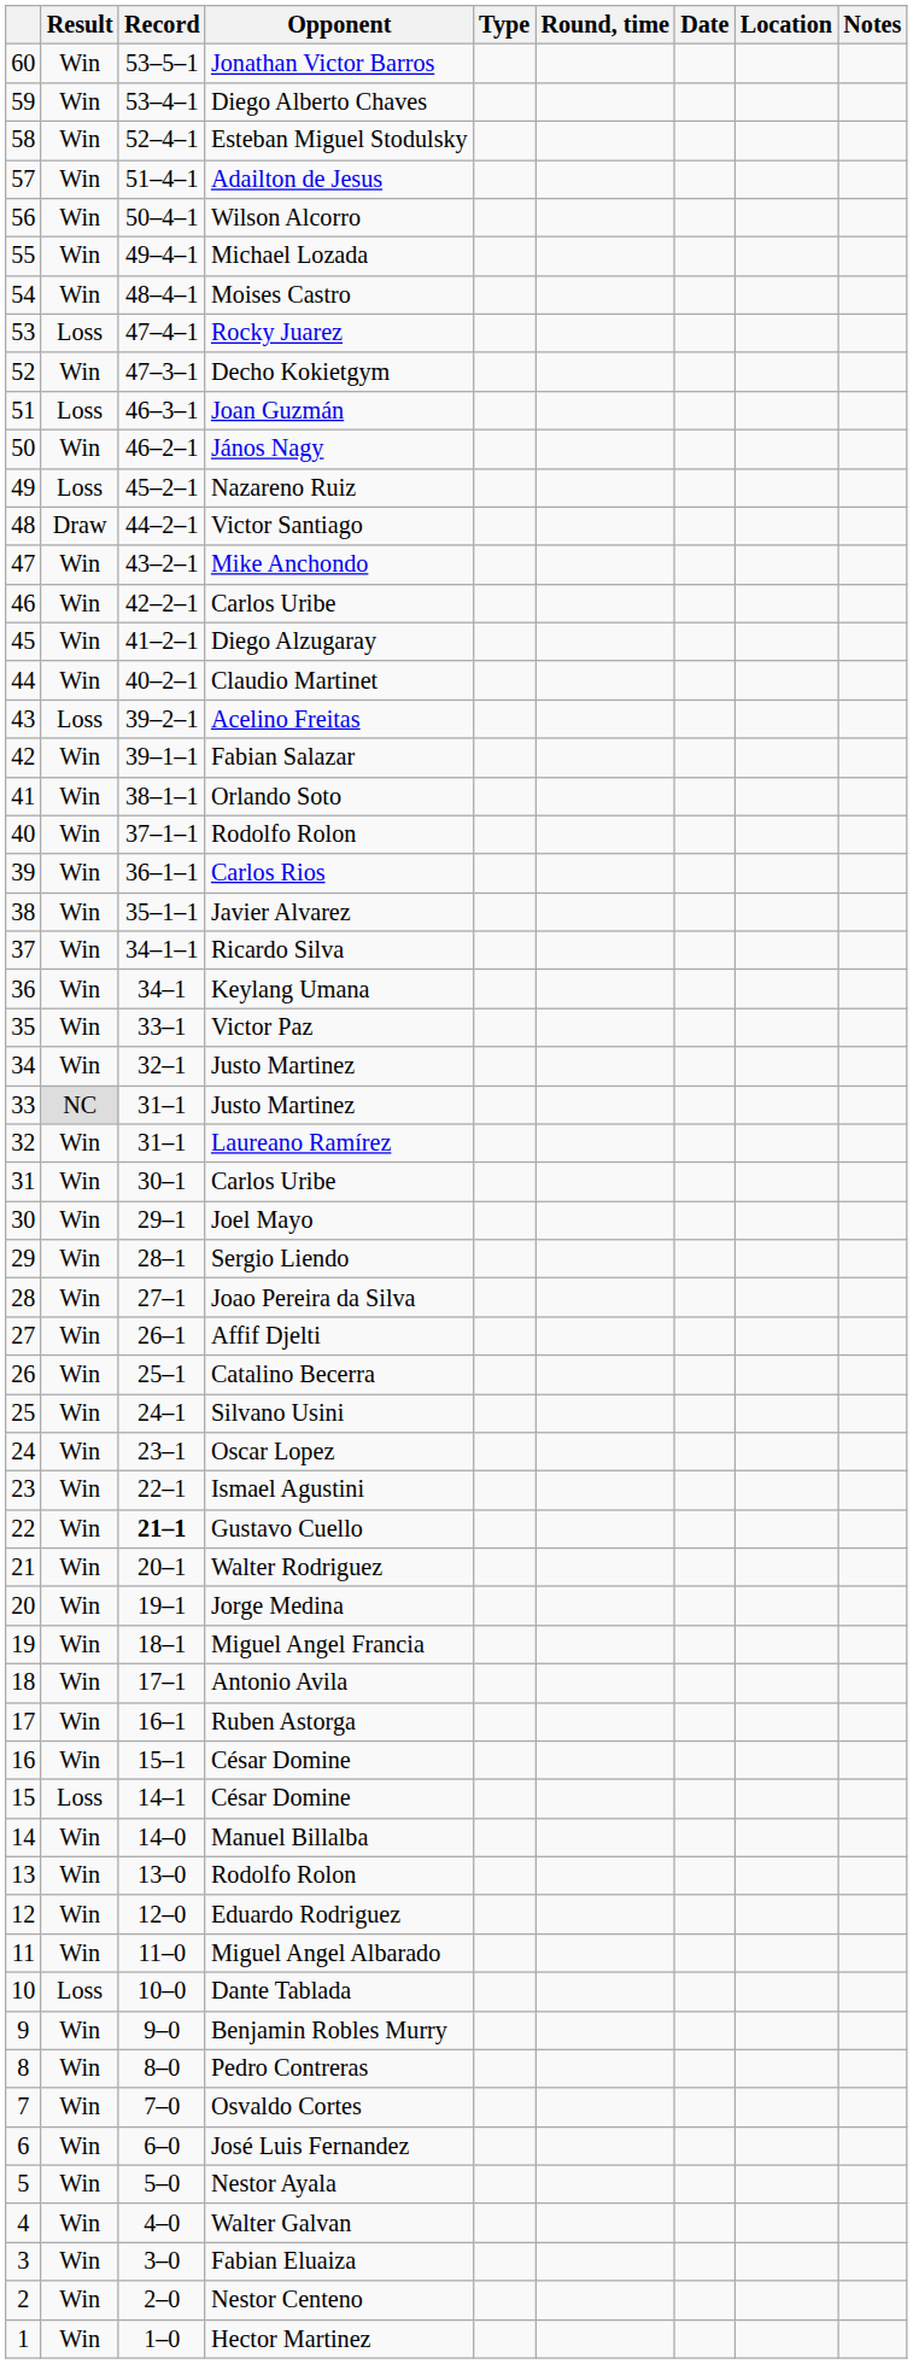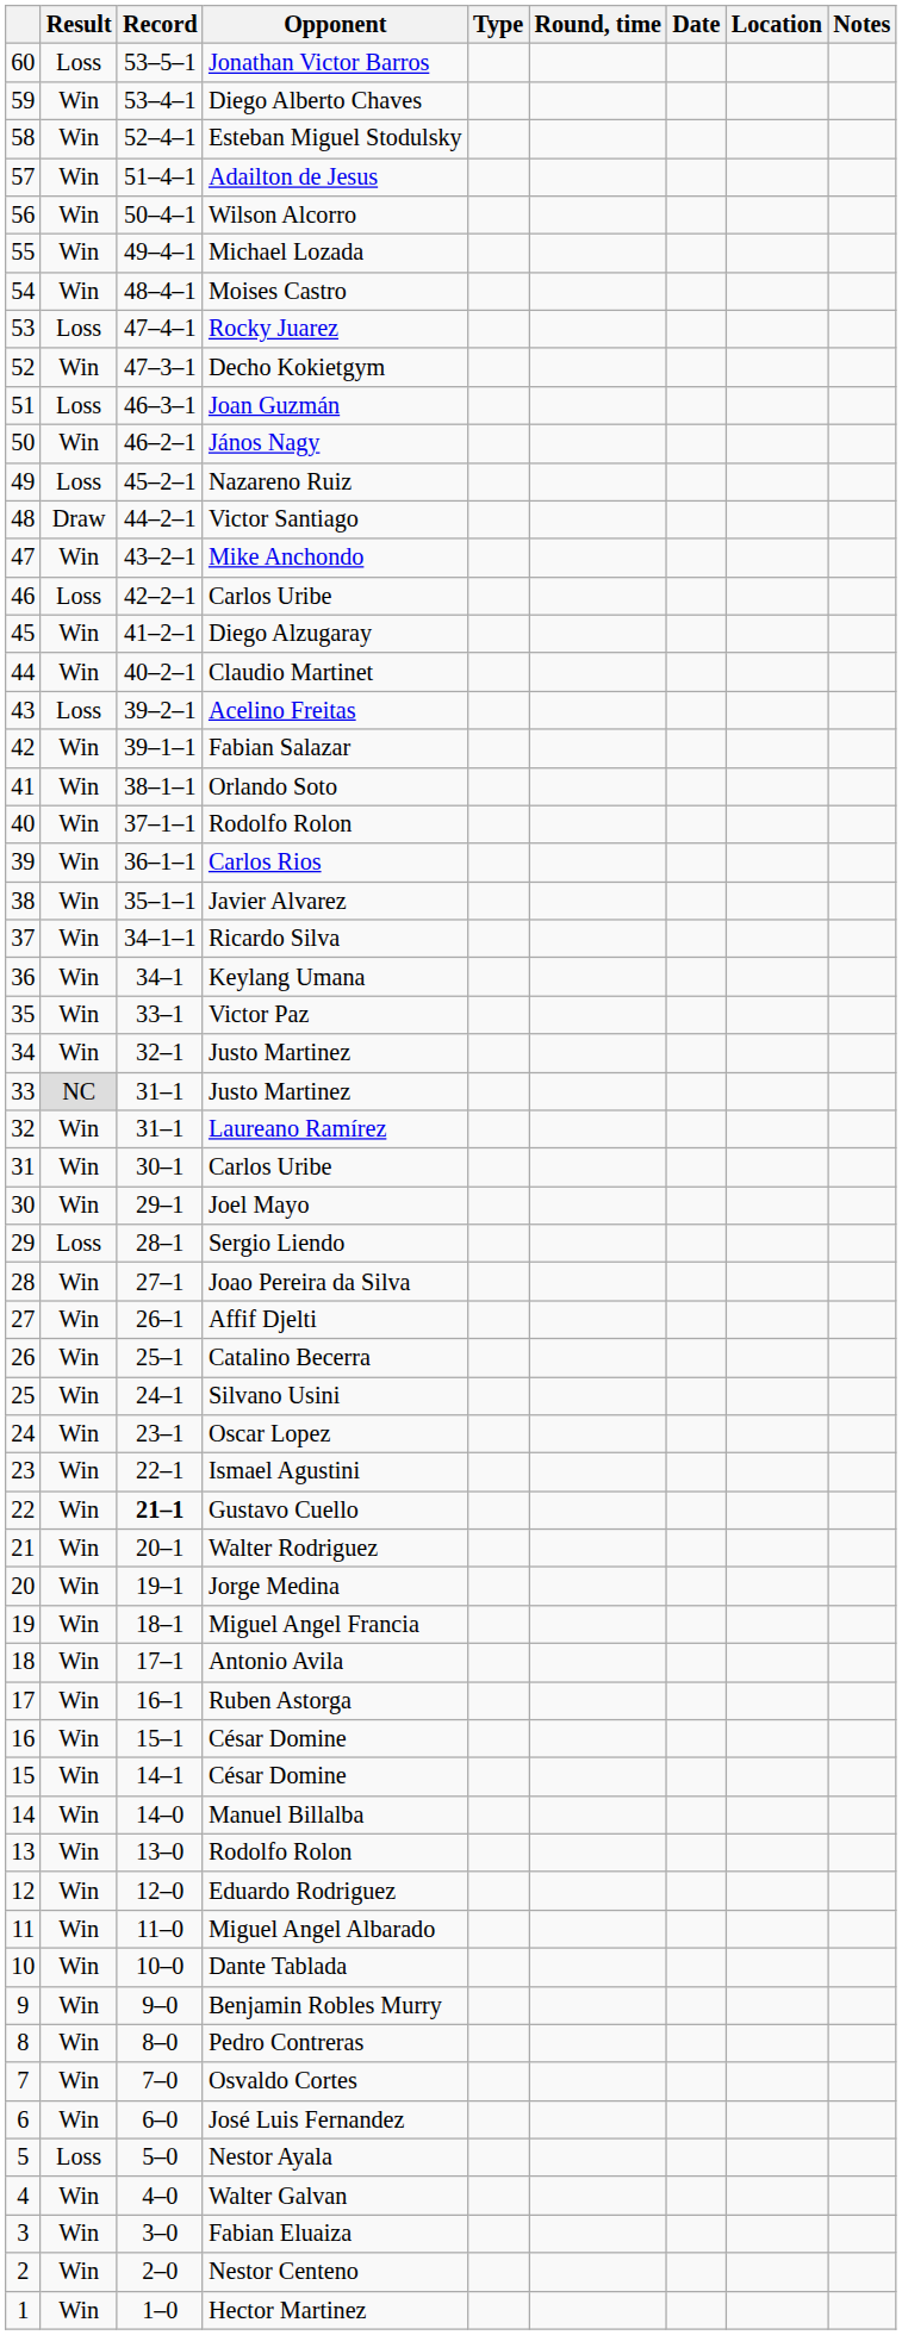 <table class="wikitable" style="text-align:center">
 <tr>
 <th></th>
 <th>Result</th>
 <th>Record</th>
 <th>Opponent</th>
 <th>Type</th>
 <th>Round, time</th>
 <th>Date</th>
 <th>Location</th>
 <th>Notes</th>
 </tr>
 <tr>
 <td>60</td>
-<td>Win</td>
+<td>Loss</td>
 <td>53–5–1 </td>
 <td align=left><a href='#'>Jonathan Victor Barros</a></td>
 <td></td>
 <td></td>
 <td></td>
 <td align=left></td>
 <td align=left></td>
 </tr>
 <tr>
 <td>59</td>
 <td>Win</td>
 <td>53–4–1 </td>
 <td align=left>Diego Alberto Chaves</td>
 <td></td>
 <td></td>
 <td></td>
 <td align=left></td>
 <td align=left></td>
 </tr>
 <tr>
 <td>58</td>
 <td>Win</td>
 <td>52–4–1 </td>
 <td align=left>Esteban Miguel Stodulsky</td>
 <td></td>
 <td></td>
 <td></td>
 <td align=left></td>
 <td align=left></td>
 </tr>
 <tr>
 <td>57</td>
 <td>Win</td>
 <td>51–4–1 </td>
 <td align=left><a href='#'>Adailton de Jesus</a></td>
 <td></td>
 <td></td>
 <td></td>
 <td align=left></td>
 <td align=left></td>
 </tr>
 <tr>
 <td>56</td>
 <td>Win</td>
 <td>50–4–1 </td>
 <td align=left>Wilson Alcorro</td>
 <td></td>
 <td></td>
 <td></td>
 <td align=left></td>
 <td align=left></td>
 </tr>
 <tr>
 <td>55</td>
 <td>Win</td>
 <td>49–4–1 </td>
 <td align=left>Michael Lozada</td>
 <td></td>
 <td></td>
 <td></td>
 <td align=left></td>
 <td align=left></td>
 </tr>
 <tr>
 <td>54</td>
 <td>Win</td>
 <td>48–4–1 </td>
 <td align=left>Moises Castro</td>
 <td></td>
 <td></td>
 <td></td>
 <td align=left></td>
 <td align=left></td>
 </tr>
 <tr>
 <td>53</td>
 <td>Loss</td>
 <td>47–4–1 </td>
 <td align=left><a href='#'>Rocky Juarez</a></td>
 <td></td>
 <td></td>
 <td></td>
 <td align=left></td>
 <td align=left></td>
 </tr>
 <tr>
 <td>52</td>
 <td>Win</td>
 <td>47–3–1 </td>
 <td align=left>Decho Kokietgym</td>
 <td></td>
 <td></td>
 <td></td>
 <td align=left></td>
 <td align=left></td>
 </tr>
 <tr>
 <td>51</td>
 <td>Loss</td>
 <td>46–3–1 </td>
 <td align=left><a href='#'>Joan Guzmán</a></td>
 <td></td>
 <td></td>
 <td></td>
 <td align=left></td>
 <td align=left></td>
 </tr>
 <tr>
 <td>50</td>
 <td>Win</td>
 <td>46–2–1 </td>
 <td align=left><a href='#'>János Nagy</a></td>
 <td></td>
 <td></td>
 <td></td>
 <td align=left></td>
 <td align=left></td>
 </tr>
 <tr>
 <td>49</td>
 <td>Loss</td>
 <td>45–2–1 </td>
 <td align=left>Nazareno Ruiz</td>
 <td></td>
 <td></td>
 <td></td>
 <td align=left></td>
 <td align=left></td>
 </tr>
 <tr>
 <td>48</td>
 <td>Draw</td>
 <td>44–2–1 </td>
 <td align=left>Victor Santiago</td>
 <td></td>
 <td></td>
 <td></td>
 <td align=left></td>
 <td align=left></td>
 </tr>
 <tr>
 <td>47</td>
 <td>Win</td>
 <td>43–2–1 </td>
 <td align=left><a href='#'>Mike Anchondo</a></td>
 <td></td>
 <td></td>
 <td></td>
 <td align=left></td>
 <td align=left></td>
 </tr>
 <tr>
 <td>46</td>
-<td>Win</td>
+<td>Loss</td>
 <td>42–2–1 </td>
 <td align=left>Carlos Uribe</td>
 <td></td>
 <td></td>
 <td></td>
 <td align=left></td>
 <td align=left></td>
 </tr>
 <tr>
 <td>45</td>
 <td>Win</td>
 <td>41–2–1 </td>
 <td align=left>Diego Alzugaray</td>
 <td></td>
 <td></td>
 <td></td>
 <td align=left></td>
 <td align=left></td>
 </tr>
 <tr>
 <td>44</td>
 <td>Win</td>
 <td>40–2–1 </td>
 <td align=left>Claudio Martinet</td>
 <td></td>
 <td></td>
 <td></td>
 <td align=left></td>
 <td align=left></td>
 </tr>
 <tr>
 <td>43</td>
 <td>Loss</td>
 <td>39–2–1 </td>
 <td align=left><a href='#'>Acelino Freitas</a></td>
 <td></td>
 <td></td>
 <td></td>
 <td align=left></td>
 <td align=left></td>
 </tr>
 <tr>
 <td>42</td>
 <td>Win</td>
 <td>39–1–1 </td>
 <td align=left>Fabian Salazar</td>
 <td></td>
 <td></td>
 <td></td>
 <td align=left></td>
 <td align=left></td>
 </tr>
 <tr>
 <td>41</td>
 <td>Win</td>
 <td>38–1–1 </td>
 <td align=left>Orlando Soto</td>
 <td></td>
 <td></td>
 <td></td>
 <td align=left></td>
 <td align=left></td>
 </tr>
 <tr>
 <td>40</td>
 <td>Win</td>
 <td>37–1–1 </td>
 <td align=left>Rodolfo Rolon</td>
 <td></td>
 <td></td>
 <td></td>
 <td align=left></td>
 <td align=left></td>
 </tr>
 <tr>
 <td>39</td>
 <td>Win</td>
 <td>36–1–1 </td>
 <td align=left><a href='#'>Carlos Rios</a></td>
 <td></td>
 <td></td>
 <td></td>
 <td align=left></td>
 <td align=left></td>
 </tr>
 <tr>
 <td>38</td>
 <td>Win</td>
 <td>35–1–1 </td>
 <td align=left>Javier Alvarez</td>
 <td></td>
 <td></td>
 <td></td>
 <td align=left></td>
 <td align=left></td>
 </tr>
 <tr>
 <td>37</td>
 <td>Win</td>
 <td>34–1–1 </td>
 <td align=left>Ricardo Silva</td>
 <td></td>
 <td></td>
 <td></td>
 <td align=left></td>
 <td align=left></td>
 </tr>
 <tr>
 <td>36</td>
 <td>Win</td>
 <td>34–1 </td>
 <td align=left>Keylang Umana</td>
 <td></td>
 <td></td>
 <td></td>
 <td align=left></td>
 <td align=left></td>
 </tr>
 <tr>
 <td>35 </td>
 <td>Win</td>
 <td>33–1 </td>
 <td align=left>Victor Paz</td>
 <td></td>
 <td></td>
 <td></td>
 <td align=left></td>
 <td align=left></td>
 </tr>
 <tr>
 <td>34</td>
 <td>Win</td>
 <td>32–1 </td>
 <td align=left>Justo Martinez</td>
 <td></td>
 <td></td>
 <td></td>
 <td align=left></td>
 <td align=left></td>
 </tr>
 <tr>
 <td>33</td>
 <td style="background:#DDD">NC</td>
 <td>31–1 </td>
 <td align=left>Justo Martinez</td>
 <td></td>
 <td></td>
 <td></td>
 <td align=left></td>
 <td align=left></td>
 </tr>
 <tr>
 <td>32</td>
 <td>Win</td>
 <td>31–1</td>
 <td align=left><a href='#'>Laureano Ramírez</a></td>
 <td></td>
 <td></td>
 <td></td>
 <td align=left></td>
 <td align=left></td>
 </tr>
 <tr>
 <td>31</td>
 <td>Win</td>
 <td>30–1</td>
 <td align=left>Carlos Uribe</td>
 <td></td>
 <td></td>
 <td></td>
 <td align=left></td>
 <td align=left></td>
 </tr>
 <tr>
 <td>30</td>
 <td>Win</td>
 <td>29–1</td>
 <td align=left>Joel Mayo</td>
 <td></td>
 <td></td>
 <td></td>
 <td align=left></td>
 <td align=left></td>
 </tr>
 <tr>
 <td>29</td>
-<td>Win</td>
+<td>Loss</td>
 <td>28–1</td>
 <td align=left>Sergio Liendo</td>
 <td></td>
 <td></td>
 <td></td>
 <td align=left></td>
 <td align=left></td>
 </tr>
 <tr>
 <td>28</td>
 <td>Win</td>
 <td>27–1</td>
 <td align=left>Joao Pereira da Silva</td>
 <td></td>
 <td></td>
 <td></td>
 <td align=left></td>
 <td align=left></td>
 </tr>
 <tr>
 <td>27</td>
 <td>Win</td>
 <td>26–1</td>
 <td align=left>Affif Djelti</td>
 <td></td>
 <td></td>
 <td></td>
 <td align=left></td>
 <td align=left></td>
 </tr>
 <tr>
 <td>26</td>
 <td>Win</td>
 <td>25–1</td>
 <td align=left>Catalino Becerra</td>
 <td></td>
 <td></td>
 <td></td>
 <td align=left></td>
 <td align=left></td>
 </tr>
 <tr>
 <td>25</td>
 <td>Win</td>
 <td>24–1</td>
 <td align=left>Silvano Usini</td>
 <td></td>
 <td></td>
 <td></td>
 <td align=left></td>
 <td align=left></td>
 </tr>
 <tr>
 <td>24</td>
 <td>Win</td>
 <td>23–1</td>
 <td align=left>Oscar Lopez</td>
 <td></td>
 <td></td>
 <td></td>
 <td align=left></td>
 <td align=left></td>
 </tr>
 <tr>
 <td>23</td>
 <td>Win</td>
 <td>22–1</td>
 <td align=left>Ismael Agustini</td>
 <td></td>
 <td></td>
 <td></td>
 <td align=left></td>
 <td align=left></td>
 </tr>
 <tr>
 <td>22</td>
 <td>Win</td>
 <td><strong>21–1</strong></td>
 <td align=left>Gustavo Cuello</td>
 <td></td>
 <td></td>
 <td></td>
 <td align=left></td>
 <td align=left></td>
 </tr>
 <tr>
 <td>21</td>
 <td>Win</td>
 <td>20–1</td>
 <td align=left>Walter Rodriguez</td>
 <td></td>
 <td></td>
 <td></td>
 <td align=left></td>
 <td align=left></td>
 </tr>
 <tr>
 <td>20</td>
 <td>Win</td>
 <td>19–1</td>
 <td align=left>Jorge Medina</td>
 <td></td>
 <td></td>
 <td></td>
 <td align=left></td>
 <td align=left></td>
 </tr>
 <tr>
 <td>19</td>
 <td>Win</td>
 <td>18–1</td>
 <td align=left>Miguel Angel Francia</td>
 <td></td>
 <td></td>
 <td></td>
 <td align=left></td>
 <td align=left></td>
 </tr>
 <tr>
 <td>18</td>
 <td>Win</td>
 <td>17–1</td>
 <td align=left>Antonio Avila</td>
 <td></td>
 <td></td>
 <td></td>
 <td align=left></td>
 <td align=left></td>
 </tr>
 <tr>
 <td>17</td>
 <td>Win</td>
 <td>16–1</td>
 <td align=left>Ruben Astorga</td>
 <td></td>
 <td></td>
 <td></td>
 <td align=left></td>
 <td align=left></td>
 </tr>
 <tr>
 <td>16</td>
 <td>Win</td>
 <td>15–1</td>
 <td align=left>César Domine</td>
 <td></td>
 <td></td>
 <td></td>
 <td align=left></td>
 <td align=left></td>
 </tr>
 <tr>
 <td>15</td>
-<td>Loss</td>
+<td>Win</td>
 <td>14–1</td>
 <td align=left>César Domine</td>
 <td></td>
 <td></td>
 <td></td>
 <td align=left></td>
 <td align=left></td>
 </tr>
 <tr>
 <td>14</td>
 <td>Win</td>
 <td>14–0</td>
 <td align=left>Manuel Billalba</td>
 <td></td>
 <td></td>
 <td></td>
 <td align=left></td>
 <td align=left></td>
 </tr>
 <tr>
 <td>13</td>
 <td>Win</td>
 <td>13–0</td>
 <td align=left>Rodolfo Rolon</td>
 <td></td>
 <td></td>
 <td></td>
 <td align=left></td>
 <td align=left></td>
 </tr>
 <tr>
 <td>12</td>
 <td>Win</td>
 <td>12–0</td>
 <td align=left>Eduardo Rodriguez</td>
 <td></td>
 <td></td>
 <td></td>
 <td align=left></td>
 <td align=left></td>
 </tr>
 <tr>
 <td>11</td>
 <td>Win</td>
 <td>11–0</td>
 <td align=left>Miguel Angel Albarado</td>
 <td></td>
 <td></td>
 <td></td>
 <td align=left></td>
 <td align=left></td>
 </tr>
 <tr>
 <td>10</td>
-<td>Loss</td>
+<td>Win</td>
 <td>10–0</td>
 <td align=left>Dante Tablada</td>
 <td></td>
 <td></td>
 <td></td>
 <td align=left></td>
 <td align=left></td>
 </tr>
 <tr>
 <td>9</td>
 <td>Win</td>
 <td>9–0</td>
 <td align=left>Benjamin Robles Murry</td>
 <td></td>
 <td></td>
 <td></td>
 <td align=left></td>
 <td align=left></td>
 </tr>
 <tr>
 <td>8</td>
 <td>Win</td>
 <td>8–0</td>
 <td align=left>Pedro Contreras</td>
 <td></td>
 <td></td>
 <td></td>
 <td align=left></td>
 <td align=left></td>
 </tr>
 <tr>
 <td>7</td>
 <td>Win</td>
 <td>7–0</td>
 <td align=left>Osvaldo Cortes</td>
 <td></td>
 <td></td>
 <td></td>
 <td align=left></td>
 <td align=left></td>
 </tr>
 <tr>
 <td>6</td>
 <td>Win</td>
 <td>6–0</td>
 <td align=left>José Luis Fernandez</td>
 <td></td>
 <td></td>
 <td></td>
 <td align=left></td>
 <td align=left></td>
 </tr>
 <tr>
 <td>5</td>
-<td>Win</td>
+<td>Loss</td>
 <td>5–0</td>
 <td align=left>Nestor Ayala</td>
 <td></td>
 <td></td>
 <td></td>
 <td align=left></td>
 <td align=left></td>
 </tr>
 <tr>
 <td>4</td>
 <td>Win</td>
 <td>4–0</td>
 <td align=left>Walter Galvan</td>
 <td></td>
 <td></td>
 <td></td>
 <td align=left></td>
 <td align=left></td>
 </tr>
 <tr>
 <td>3</td>
 <td>Win</td>
 <td>3–0</td>
 <td align=left>Fabian Eluaiza</td>
 <td></td>
 <td></td>
 <td></td>
 <td align=left></td>
 <td align=left></td>
 </tr>
 <tr>
 <td>2</td>
 <td>Win</td>
 <td>2–0</td>
 <td align=left>Nestor Centeno</td>
 <td></td>
 <td></td>
 <td></td>
 <td align=left></td>
 <td align=left></td>
 </tr>
 <tr>
 <td>1</td>
 <td>Win</td>
 <td>1–0</td>
 <td align=left>Hector Martinez</td>
 <td></td>
 <td></td>
 <td></td>
 <td align=left></td>
 <td align=left></td>
 </tr>
 </table>
